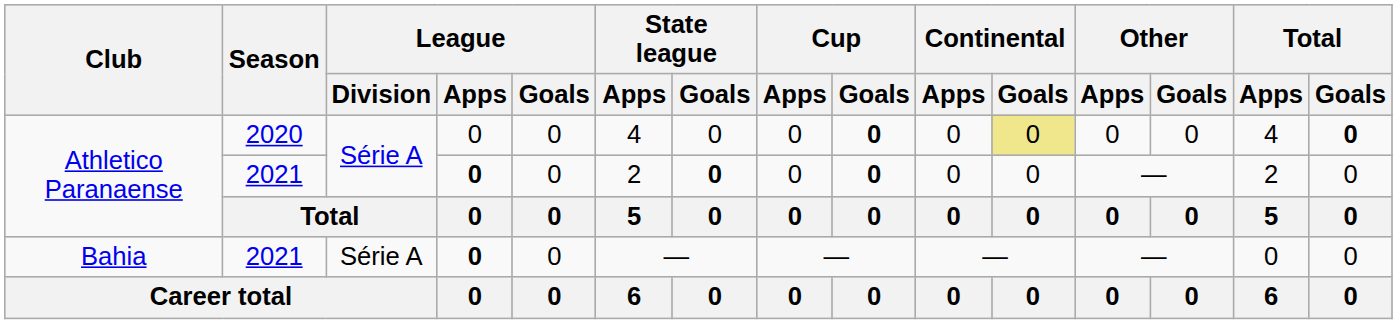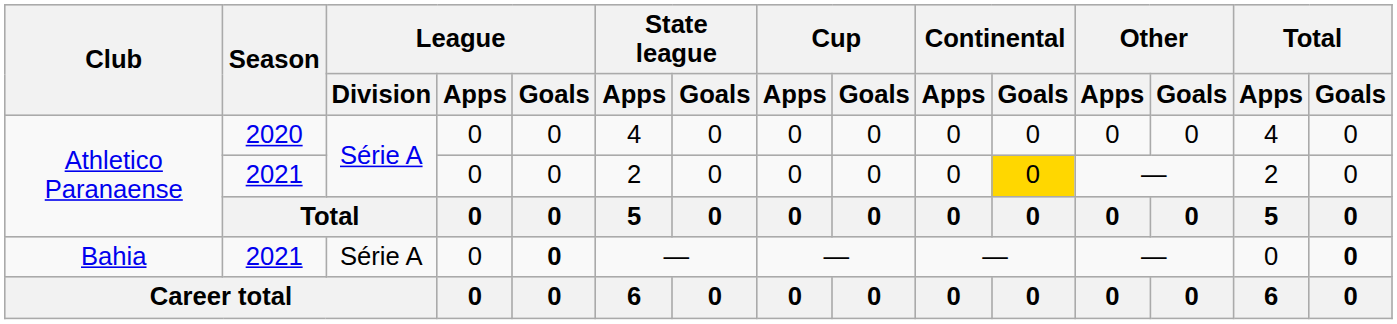 <table class="wikitable" style="text-align: center">
 <tr>
 <th rowspan="2">Club</th>
 <th rowspan="2">Season</th>
 <th colspan="3">League</th>
 <th colspan="2">State league</th>
 <th colspan="2">Cup</th>
 <th colspan="2">Continental</th>
 <th colspan="2">Other</th>
 <th colspan="2">Total</th>
 </tr>
 <tr>
 <th>Division</th>
 <th>Apps</th>
 <th>Goals</th>
 <th>Apps</th>
 <th>Goals</th>
 <th>Apps</th>
 <th>Goals</th>
 <th>Apps</th>
 <th>Goals</th>
 <th>Apps</th>
 <th>Goals</th>
 <th>Apps</th>
 <th>Goals</th>
 </tr>
 <tr>
 <td rowspan="3"><a href='#'>Athletico Paranaense</a></td>
 <td><a href='#'>2020</a></td>
 <td rowspan="2"><a href='#'>Série A</a></td>
 <td>0</td>
 <td>0</td>
 <td>4</td>
 <td>0</td>
 <td>0</td>
-<td><strong>0</strong></td>
 <td>0</td>
-<td style="background: khaki;">0</td>
+<td>0</td>
+<td>0</td>
 <td>0</td>
 <td>0</td>
 <td>4</td>
-<td><strong>0</strong></td>
+<td>0</td>
 </tr>
 <tr>
 <td><a href='#'>2021</a></td>
-<td><strong>0</strong></td>
+<td>0</td>
 <td>0</td>
 <td>2</td>
-<td><strong>0</strong></td>
-<td>0</td>
-<td><strong>0</strong></td>
 <td>0</td>
 <td>0</td>
+<td>0</td>
+<td>0</td>
+<td style="background: gold;">0</td>
 <td colspan="2">—</td>
 <td>2</td>
 <td>0</td>
 </tr>
 <tr>
 <th colspan="2">Total</th>
 <th>0</th>
 <th>0</th>
 <th>5</th>
 <th>0</th>
 <th>0</th>
 <th>0</th>
 <th>0</th>
 <th>0</th>
 <th>0</th>
 <th>0</th>
 <th>5</th>
 <th>0</th>
 </tr>
 <tr>
 <td><a href='#'>Bahia</a></td>
 <td><a href='#'>2021</a></td>
 <td>Série A</td>
+<td>0</td>
 <td><strong>0</strong></td>
-<td>0</td>
 <td colspan="2">—</td>
 <td colspan="2">—</td>
 <td colspan="2">—</td>
 <td colspan="2">—</td>
 <td>0</td>
-<td>0</td>
+<td><strong>0</strong></td>
 </tr>
 <tr>
 <th colspan="3"><strong>Career total</strong></th>
 <th>0</th>
 <th>0</th>
 <th>6</th>
 <th>0</th>
 <th>0</th>
 <th>0</th>
 <th>0</th>
 <th>0</th>
 <th>0</th>
 <th>0</th>
 <th>6</th>
 <th>0</th>
 </tr>
 </table>
